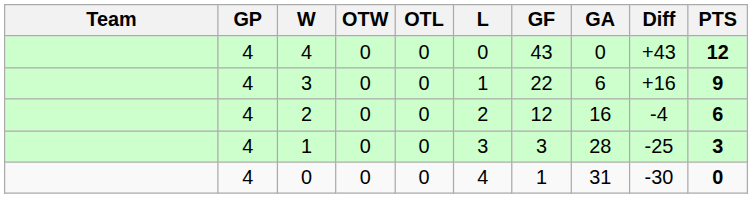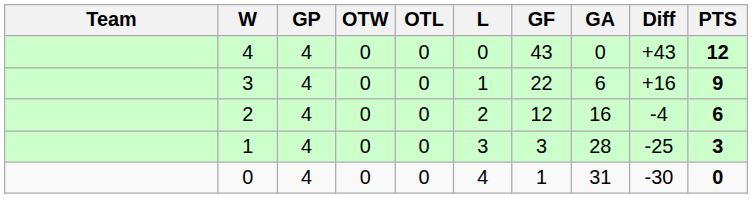 <table class="wikitable" style="text-align:center;">
 <tr>
 <th width=165>Team</th>
+<th width=40>W</th>
 <th width=40>GP</th>
-<th width=40>W</th>
 <th width=40>OTW</th>
 <th width=40>OTL</th>
 <th width=40>L</th>
 <th width=40>GF</th>
 <th width=40>GA</th>
 <th width=40>Diff</th>
 <th width=40>PTS</th>
 </tr>
 <tr bgcolor=#ccffcc>
 <td style="text-align:left;"></td>
 <td>4</td>
 <td>4</td>
 <td>0</td>
 <td>0</td>
 <td>0</td>
 <td>43</td>
 <td>0</td>
 <td>+43</td>
 <td><strong>12</strong></td>
 </tr>
 <tr bgcolor=#ccffcc>
 <td style="text-align:left;"><strong></strong></td>
+<td>3</td>
 <td>4</td>
-<td>3</td>
 <td>0</td>
 <td>0</td>
 <td>1</td>
 <td>22</td>
 <td>6</td>
 <td>+16</td>
 <td><strong>9</strong></td>
 </tr>
 <tr bgcolor=#ccffcc>
 <td style="text-align:left;"></td>
+<td>2</td>
 <td>4</td>
-<td>2</td>
 <td>0</td>
 <td>0</td>
 <td>2</td>
 <td>12</td>
 <td>16</td>
 <td>-4</td>
 <td><strong>6</strong></td>
 </tr>
 <tr bgcolor=#ccffcc>
 <td style="text-align:left;"></td>
+<td>1</td>
 <td>4</td>
-<td>1</td>
 <td>0</td>
 <td>0</td>
 <td>3</td>
 <td>3</td>
 <td>28</td>
 <td>-25</td>
 <td><strong>3</strong></td>
 </tr>
 <tr>
 <td style="text-align:left;"></td>
+<td>0</td>
 <td>4</td>
-<td>0</td>
 <td>0</td>
 <td>0</td>
 <td>4</td>
 <td>1</td>
 <td>31</td>
 <td>-30</td>
 <td><strong>0</strong></td>
 </tr>
 </table>
